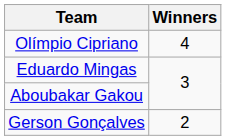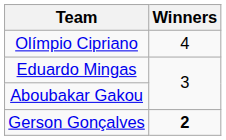 <table class="wikitable" style="text-align:center;">
 <tr>
 <th>Team</th>
 <th>Winners</th>
 </tr>
 <tr>
 <td><a href='#'>Olímpio Cipriano</a></td>
 <td>4</td>
 </tr>
 <tr>
 <td><a href='#'>Eduardo Mingas</a></td>
 <td rowspan="2">3</td>
 </tr>
 <tr>
 <td><a href='#'>Aboubakar Gakou</a></td>
 </tr>
 <tr>
 <td><a href='#'>Gerson Gonçalves</a></td>
-<td>2</td>
+<td><strong>2</strong></td>
 </tr>
 </table>
